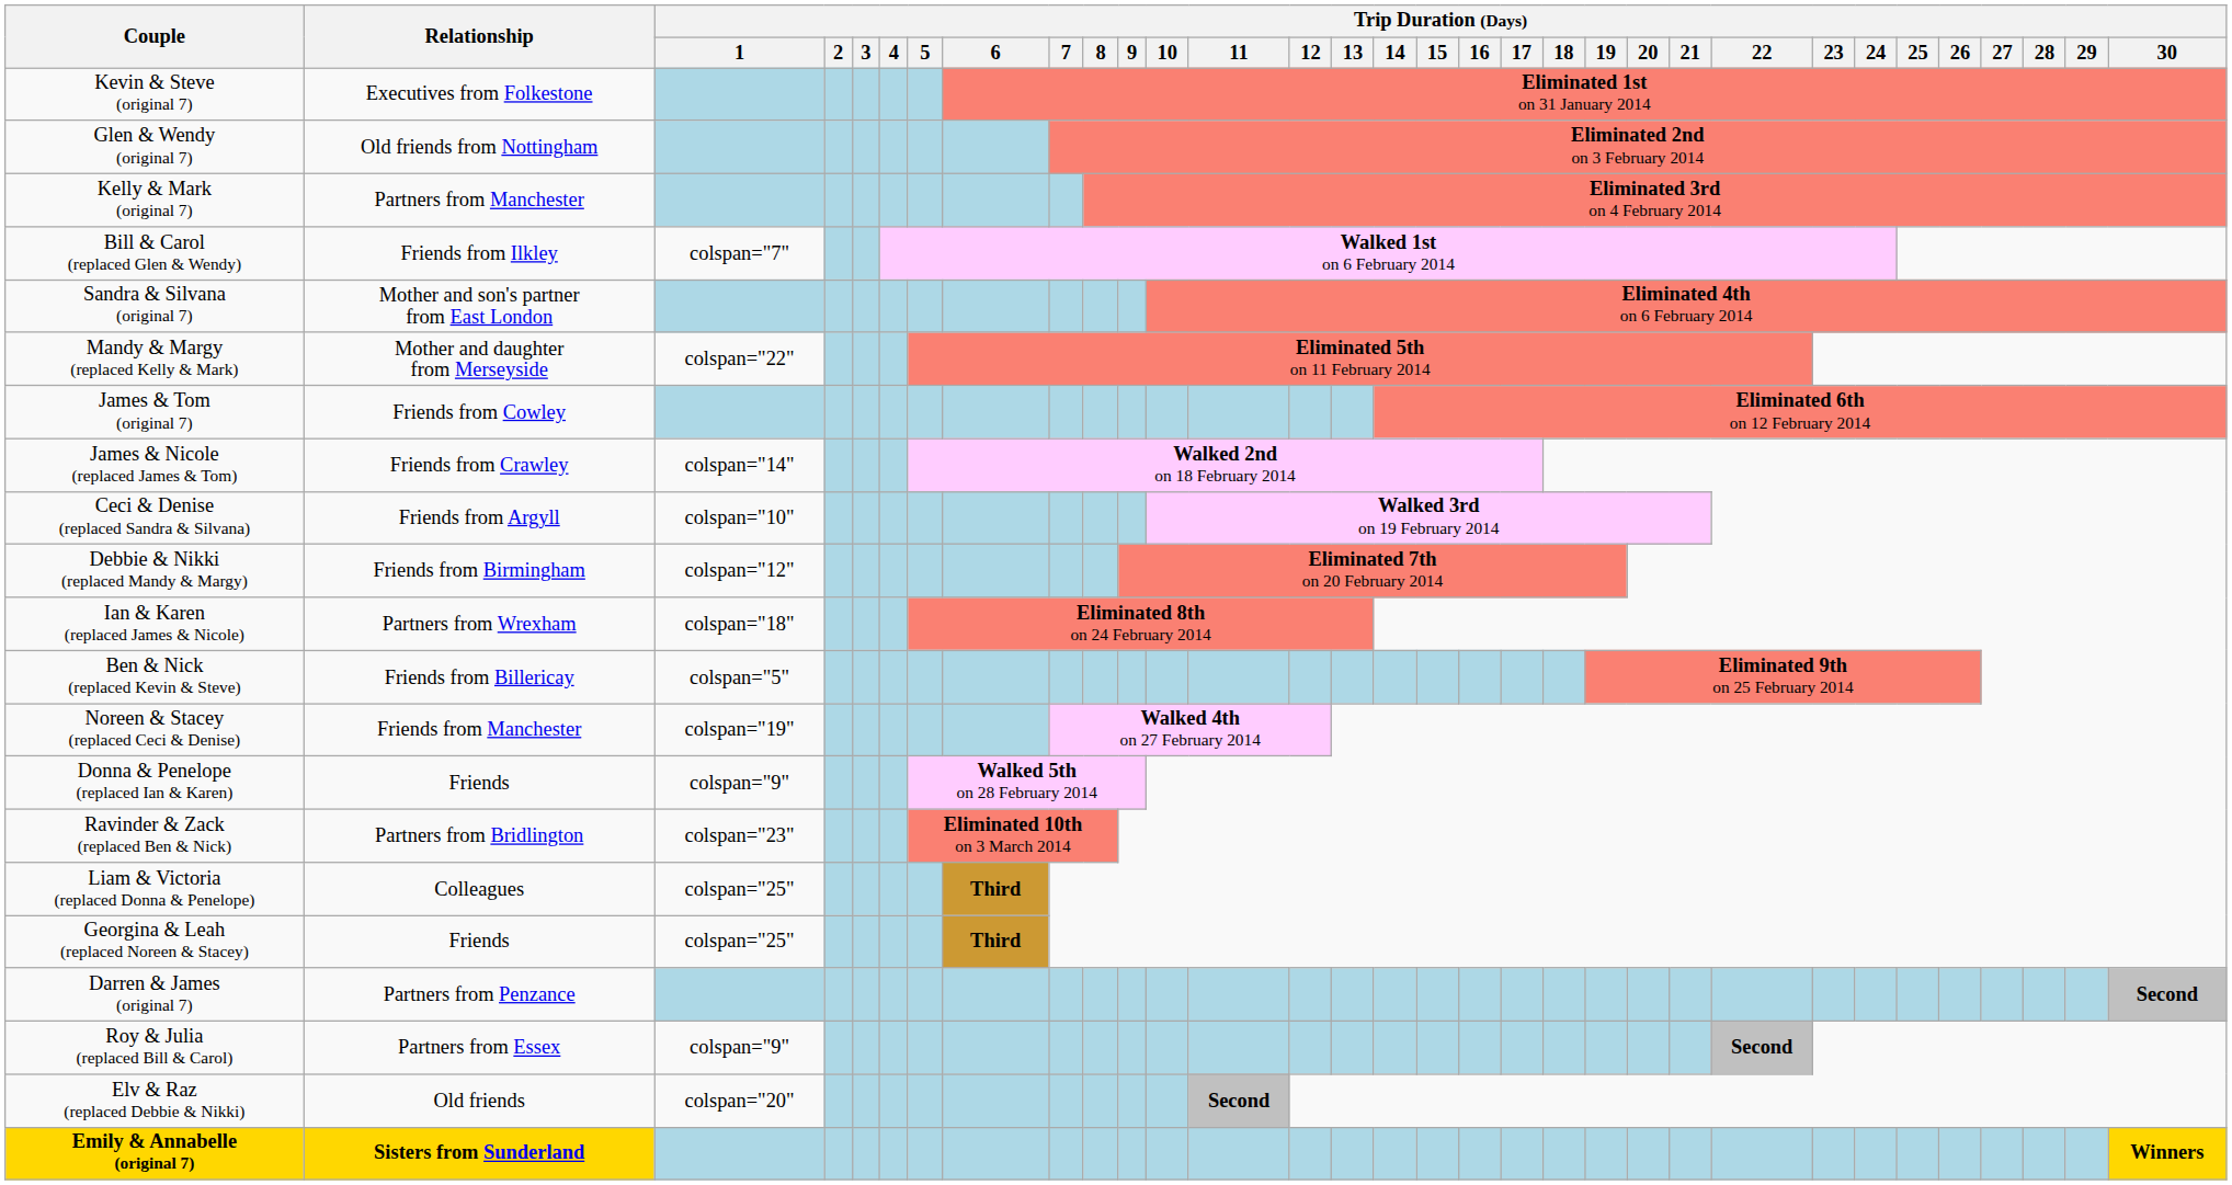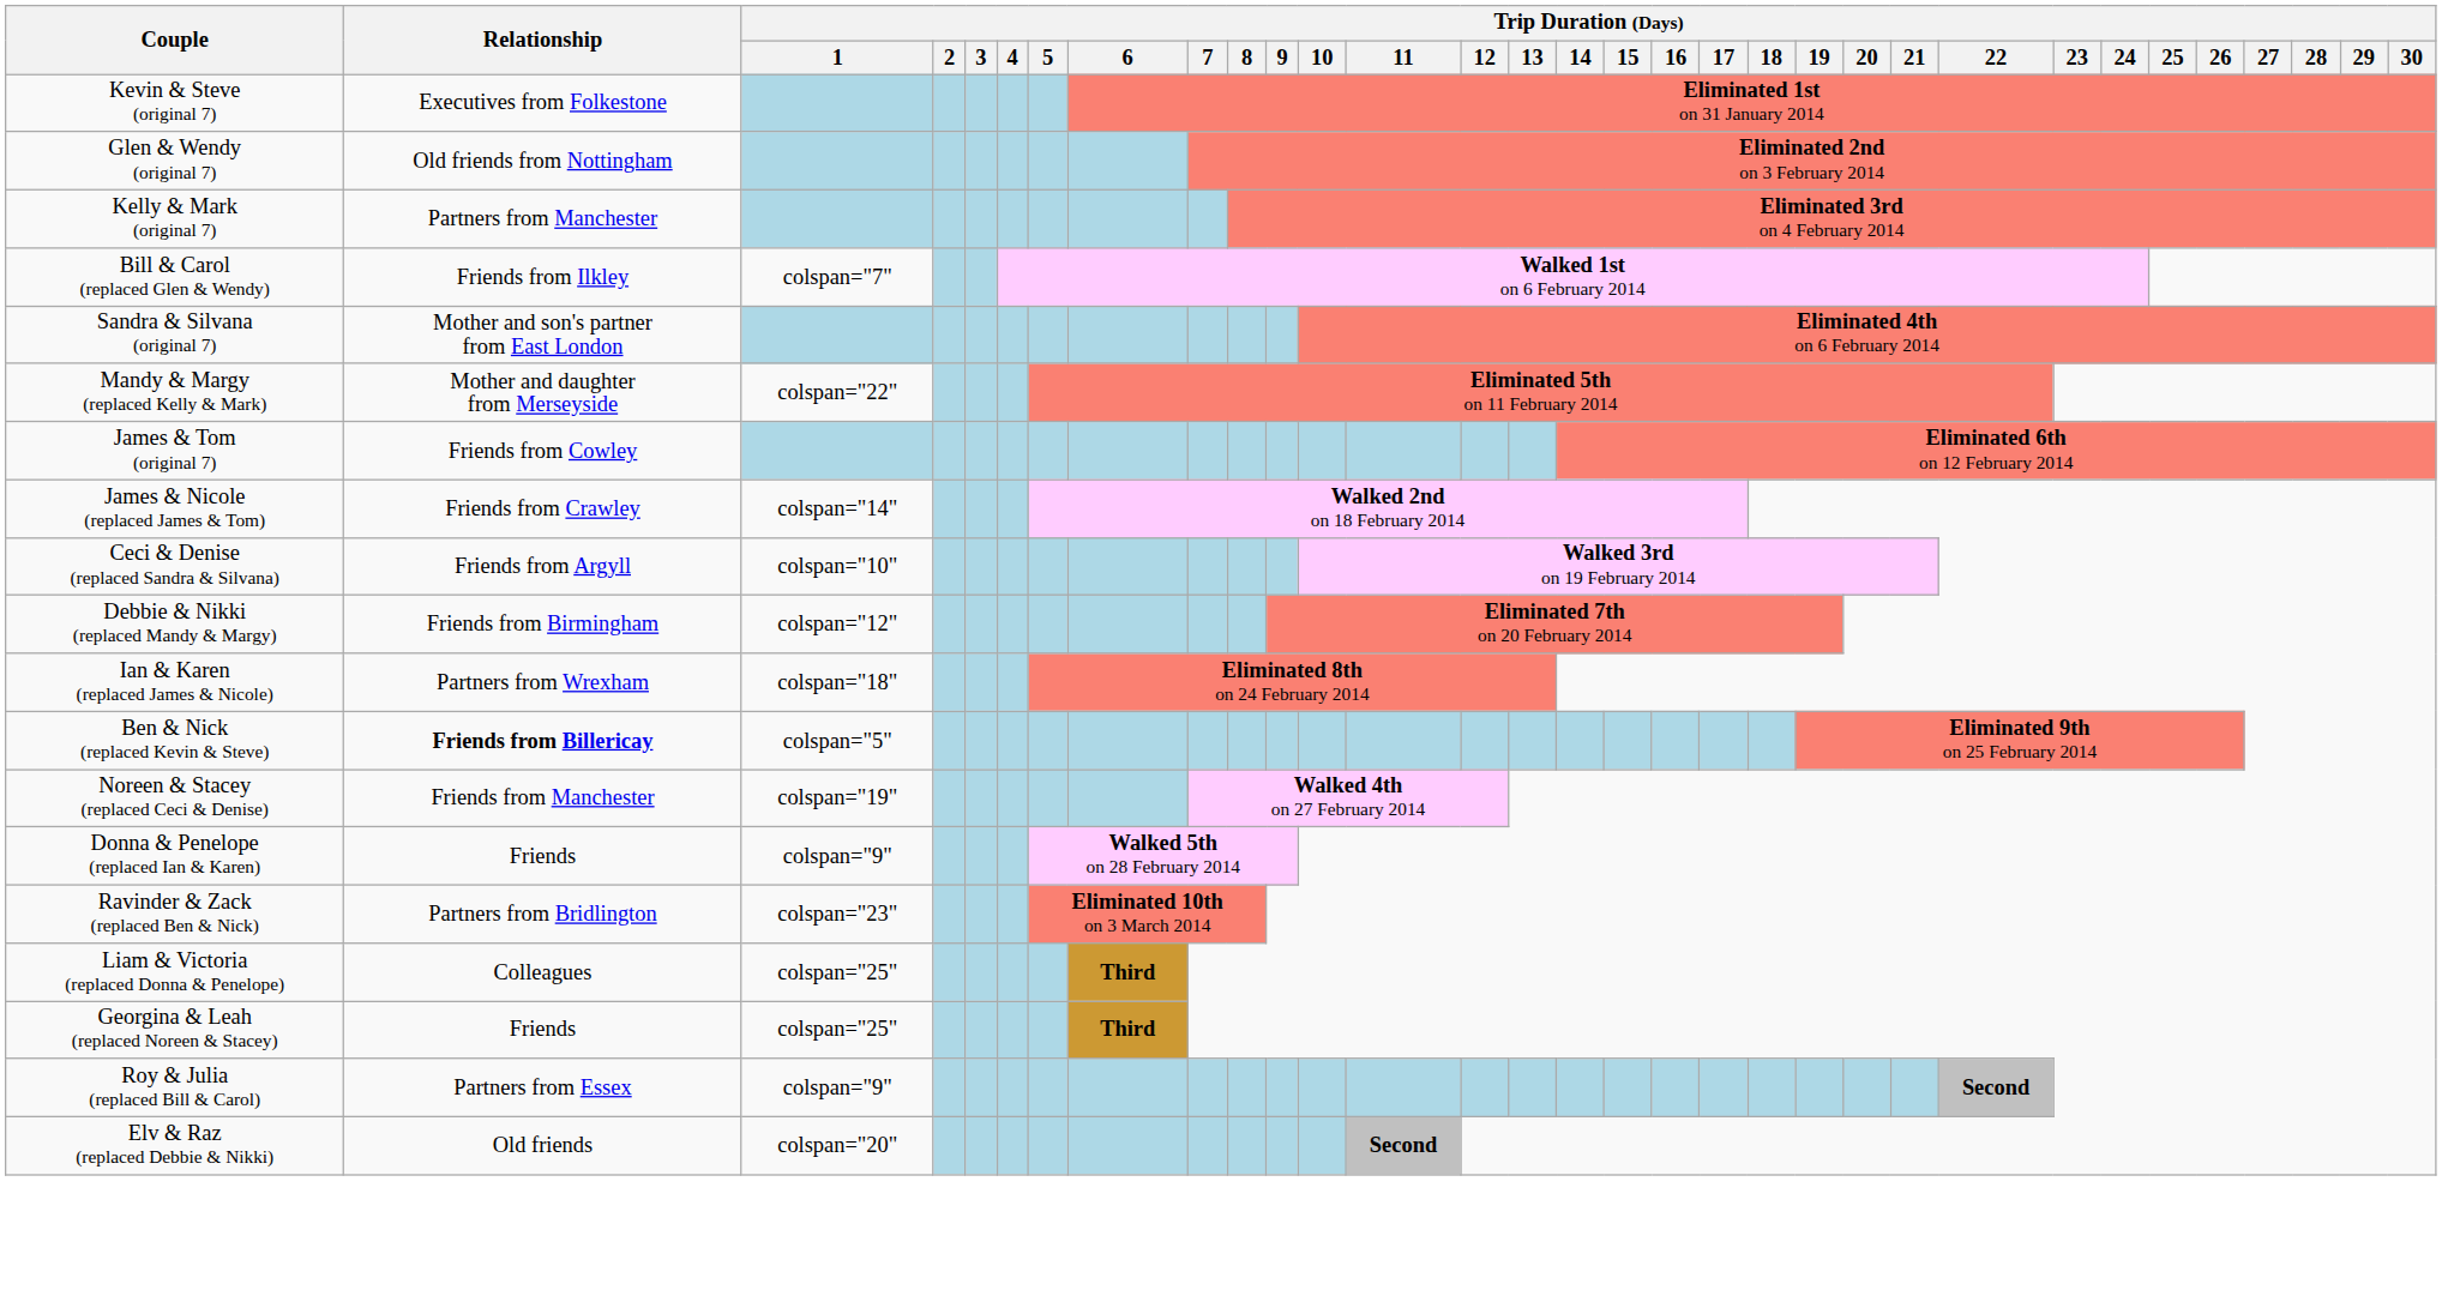 <table class="wikitable" style="text-align:center; width:100%; font-size:90%; line-height:15px;">
 <tr>
 <th rowspan="2">Couple</th>
 <th rowspan="2">Relationship</th>
 <th colspan="30">Trip Duration <small>(Days)</small></th>
 </tr>
 <tr>
 <th>1</th>
 <th>2</th>
 <th>3</th>
 <th>4</th>
 <th>5</th>
 <th>6</th>
 <th>7</th>
 <th>8</th>
 <th>9</th>
 <th>10</th>
 <th>11</th>
 <th>12</th>
 <th>13</th>
 <th>14</th>
 <th>15</th>
 <th>16</th>
 <th>17</th>
 <th>18</th>
 <th>19</th>
 <th>20</th>
 <th>21</th>
 <th>22</th>
 <th>23</th>
 <th>24</th>
 <th>25</th>
 <th>26</th>
 <th>27</th>
 <th>28</th>
 <th>29</th>
 <th>30</th>
 </tr>
 <tr>
 <td>Kevin & Steve<br><small>(original 7)</small></td>
 <td>Executives from <a href='#'>Folkestone</a></td>
 <td style="background:lightblue;"></td>
 <td style="background:lightblue;"></td>
 <td style="background:lightblue;"></td>
 <td style="background:lightblue;"></td>
 <td style="background:lightblue;"></td>
 <td colspan="25" style="background:salmon;"><strong>Eliminated 1st</strong><br><small>on 31 January 2014</small></td>
 </tr>
 <tr>
 <td>Glen & Wendy<br><small>(original 7)</small></td>
 <td>Old friends from <a href='#'>Nottingham</a></td>
 <td style="background:lightblue;"></td>
 <td style="background:lightblue;"></td>
 <td style="background:lightblue;"></td>
 <td style="background:lightblue;"></td>
 <td style="background:lightblue;"></td>
 <td style="background:lightblue;"></td>
 <td colspan="24" style="background:salmon;"><strong>Eliminated 2nd</strong><br><small>on 3 February 2014</small></td>
 </tr>
 <tr>
 <td>Kelly & Mark<br><small>(original 7)</small></td>
 <td>Partners from <a href='#'>Manchester</a></td>
 <td style="background:lightblue;"></td>
 <td style="background:lightblue;"></td>
 <td style="background:lightblue;"></td>
 <td style="background:lightblue;"></td>
 <td style="background:lightblue;"></td>
 <td style="background:lightblue;"></td>
 <td style="background:lightblue;"></td>
 <td colspan="23" style="background:salmon;"><strong>Eliminated 3rd</strong><br><small>on 4 February 2014</small></td>
 </tr>
 <tr>
 <td>Bill & Carol<br><small>(replaced Glen & Wendy)</small></td>
 <td>Friends from <a href='#'>Ilkley</a></td>
 <td>colspan="7" </td>
 <td style="background:lightblue;"></td>
 <td style="background:lightblue;"></td>
 <td colspan="21" style="background:#ffccff;"><strong>Walked 1st</strong><br><small>on 6 February 2014</small></td>
 </tr>
 <tr>
 <td>Sandra & Silvana<br><small>(original 7)</small></td>
 <td>Mother and son's partner<br>from <a href='#'>East London</a></td>
 <td style="background:lightblue;"></td>
 <td style="background:lightblue;"></td>
 <td style="background:lightblue;"></td>
 <td style="background:lightblue;"></td>
 <td style="background:lightblue;"></td>
 <td style="background:lightblue;"></td>
 <td style="background:lightblue;"></td>
 <td style="background:lightblue;"></td>
 <td style="background:lightblue;"></td>
 <td colspan="21" style="background:salmon;"><strong>Eliminated 4th</strong><br><small>on 6 February 2014</small></td>
 </tr>
 <tr>
 <td>Mandy & Margy<br><small>(replaced Kelly & Mark)</small></td>
 <td>Mother and daughter<br>from <a href='#'>Merseyside</a></td>
 <td>colspan="22" </td>
 <td style="background:lightblue;"></td>
 <td style="background:lightblue;"></td>
 <td style="background:lightblue;"></td>
 <td colspan="18" style="background:salmon;"><strong>Eliminated 5th</strong><br><small>on 11 February 2014</small></td>
 </tr>
 <tr>
 <td>James & Tom<br><small>(original 7)</small></td>
 <td>Friends from <a href='#'>Cowley</a></td>
 <td style="background:lightblue;"></td>
 <td style="background:lightblue;"></td>
 <td style="background:lightblue;"></td>
 <td style="background:lightblue;"></td>
 <td style="background:lightblue;"></td>
 <td style="background:lightblue;"></td>
 <td style="background:lightblue;"></td>
 <td style="background:lightblue;"></td>
 <td style="background:lightblue;"></td>
 <td style="background:lightblue;"></td>
 <td style="background:lightblue;"></td>
 <td style="background:lightblue;"></td>
 <td style="background:lightblue;"></td>
 <td colspan="17" style="background:salmon;"><strong>Eliminated 6th</strong><br><small>on 12 February 2014</small></td>
 </tr>
 <tr>
 <td>James & Nicole<br><small>(replaced James & Tom)</small></td>
 <td>Friends from <a href='#'>Crawley</a></td>
 <td>colspan="14" </td>
 <td style="background:lightblue;"></td>
 <td style="background:lightblue;"></td>
 <td style="background:lightblue;"></td>
 <td colspan="13" style="background:#ffccff;"><strong>Walked 2nd</strong><br><small>on 18 February 2014</small></td>
 </tr>
 <tr>
 <td>Ceci & Denise<br><small>(replaced Sandra & Silvana)</small></td>
 <td>Friends from <a href='#'>Argyll</a></td>
 <td>colspan="10" </td>
 <td style="background:lightblue;"></td>
 <td style="background:lightblue;"></td>
 <td style="background:lightblue;"></td>
 <td style="background:lightblue;"></td>
 <td style="background:lightblue;"></td>
 <td style="background:lightblue;"></td>
 <td style="background:lightblue;"></td>
 <td style="background:lightblue;"></td>
 <td colspan="12" style="background:#ffccff;"><strong>Walked 3rd</strong><br><small>on 19 February 2014</small></td>
 </tr>
 <tr>
 <td>Debbie & Nikki<br><small>(replaced Mandy & Margy)</small></td>
 <td>Friends from <a href='#'>Birmingham</a></td>
 <td>colspan="12" </td>
 <td style="background:lightblue;"></td>
 <td style="background:lightblue;"></td>
 <td style="background:lightblue;"></td>
 <td style="background:lightblue;"></td>
 <td style="background:lightblue;"></td>
 <td style="background:lightblue;"></td>
 <td style="background:lightblue;"></td>
 <td colspan="11" style="background:salmon;"><strong>Eliminated 7th</strong><br><small>on 20 February 2014</small></td>
 </tr>
 <tr>
 <td>Ian & Karen<br><small>(replaced James & Nicole)</small></td>
 <td>Partners from <a href='#'>Wrexham</a></td>
 <td>colspan="18" </td>
 <td style="background:lightblue;"></td>
 <td style="background:lightblue;"></td>
 <td style="background:lightblue;"></td>
 <td colspan="9" style="background:salmon;"><strong>Eliminated 8th</strong><br><small>on 24 February 2014</small></td>
 </tr>
 <tr>
 <td>Ben & Nick<br><small>(replaced Kevin & Steve)</small></td>
-<td>Friends from <a href='#'>Billericay</a></td>
+<td><strong>Friends from <a href='#'>Billericay</a></strong></td>
 <td>colspan="5" </td>
 <td style="background:lightblue;"></td>
 <td style="background:lightblue;"></td>
 <td style="background:lightblue;"></td>
 <td style="background:lightblue;"></td>
 <td style="background:lightblue;"></td>
 <td style="background:lightblue;"></td>
 <td style="background:lightblue;"></td>
 <td style="background:lightblue;"></td>
 <td style="background:lightblue;"></td>
 <td style="background:lightblue;"></td>
 <td style="background:lightblue;"></td>
 <td style="background:lightblue;"></td>
 <td style="background:lightblue;"></td>
 <td style="background:lightblue;"></td>
 <td style="background:lightblue;"></td>
 <td style="background:lightblue;"></td>
 <td style="background:lightblue;"></td>
 <td colspan="8" style="background:salmon;"><strong>Eliminated 9th</strong><br><small>on 25 February 2014</small></td>
 </tr>
 <tr>
 <td>Noreen & Stacey<br><small>(replaced Ceci & Denise)</small></td>
 <td>Friends from <a href='#'>Manchester</a></td>
 <td>colspan="19" </td>
 <td style="background:lightblue;"></td>
 <td style="background:lightblue;"></td>
 <td style="background:lightblue;"></td>
 <td style="background:lightblue;"></td>
 <td style="background:lightblue;"></td>
 <td colspan="6" style="background:#ffccff;"><strong>Walked 4th</strong><br><small>on 27 February 2014</small></td>
 </tr>
 <tr>
 <td>Donna & Penelope<br><small>(replaced Ian & Karen)</small></td>
 <td>Friends</td>
 <td>colspan="9" </td>
 <td style="background:lightblue;"></td>
 <td style="background:lightblue;"></td>
 <td style="background:lightblue;"></td>
 <td colspan="5" style="background:#ffccff;"><strong>Walked 5th</strong><br><small>on 28 February 2014</small></td>
 </tr>
 <tr>
 <td>Ravinder & Zack<br><small>(replaced Ben & Nick)</small></td>
 <td>Partners from <a href='#'>Bridlington</a></td>
 <td>colspan="23" </td>
 <td style="background:lightblue;"></td>
 <td style="background:lightblue;"></td>
 <td style="background:lightblue;"></td>
 <td colspan="4" style="background:salmon;"><strong>Eliminated 10th</strong><br><small>on 3 March 2014</small></td>
 </tr>
 <tr>
 <td>Liam & Victoria<br><small>(replaced Donna & Penelope)</small></td>
 <td>Colleagues</td>
 <td>colspan="25" </td>
 <td style="background:lightblue;"></td>
 <td style="background:lightblue;"></td>
 <td style="background:lightblue;"></td>
 <td style="background:lightblue;"></td>
 <td style="background:#cc9933;"><strong>Third</strong></td>
 </tr>
 <tr>
 <td>Georgina & Leah<br><small>(replaced Noreen & Stacey)</small></td>
 <td>Friends</td>
 <td>colspan="25" </td>
 <td style="background:lightblue;"></td>
 <td style="background:lightblue;"></td>
 <td style="background:lightblue;"></td>
 <td style="background:lightblue;"></td>
 <td style="background:#cc9933;"><strong>Third</strong></td>
 </tr>
 <tr>
-<td>Darren & James<br><small>(original 7)</small></td>
-<td>Partners from <a href='#'>Penzance</a></td>
-<td style="background:lightblue;"></td>
-<td style="background:lightblue;"></td>
-<td style="background:lightblue;"></td>
-<td style="background:lightblue;"></td>
-<td style="background:lightblue;"></td>
-<td style="background:lightblue;"></td>
-<td style="background:lightblue;"></td>
-<td style="background:lightblue;"></td>
-<td style="background:lightblue;"></td>
-<td style="background:lightblue;"></td>
-<td style="background:lightblue;"></td>
-<td style="background:lightblue;"></td>
-<td style="background:lightblue;"></td>
-<td style="background:lightblue;"></td>
-<td style="background:lightblue;"></td>
-<td style="background:lightblue;"></td>
-<td style="background:lightblue;"></td>
-<td style="background:lightblue;"></td>
-<td style="background:lightblue;"></td>
-<td style="background:lightblue;"></td>
-<td style="background:lightblue;"></td>
-<td style="background:lightblue;"></td>
-<td style="background:lightblue;"></td>
-<td style="background:lightblue;"></td>
-<td style="background:lightblue;"></td>
-<td style="background:lightblue;"></td>
-<td style="background:lightblue;"></td>
-<td style="background:lightblue;"></td>
-<td style="background:lightblue;"></td>
-<td style="background:silver;"><strong>Second</strong></td>
-</tr>
-<tr>
 <td>Roy & Julia<br><small>(replaced Bill & Carol)</small></td>
 <td>Partners from <a href='#'>Essex</a></td>
 <td>colspan="9" </td>
 <td style="background:lightblue;"></td>
 <td style="background:lightblue;"></td>
 <td style="background:lightblue;"></td>
 <td style="background:lightblue;"></td>
 <td style="background:lightblue;"></td>
 <td style="background:lightblue;"></td>
 <td style="background:lightblue;"></td>
 <td style="background:lightblue;"></td>
 <td style="background:lightblue;"></td>
 <td style="background:lightblue;"></td>
 <td style="background:lightblue;"></td>
 <td style="background:lightblue;"></td>
 <td style="background:lightblue;"></td>
 <td style="background:lightblue;"></td>
 <td style="background:lightblue;"></td>
 <td style="background:lightblue;"></td>
 <td style="background:lightblue;"></td>
 <td style="background:lightblue;"></td>
 <td style="background:lightblue;"></td>
 <td style="background:lightblue;"></td>
 <td style="background:silver;"><strong>Second</strong></td>
 </tr>
 <tr>
 <td>Elv & Raz<br><small>(replaced Debbie & Nikki)</small></td>
 <td>Old friends</td>
 <td>colspan="20" </td>
 <td style="background:lightblue;"></td>
 <td style="background:lightblue;"></td>
 <td style="background:lightblue;"></td>
 <td style="background:lightblue;"></td>
 <td style="background:lightblue;"></td>
 <td style="background:lightblue;"></td>
 <td style="background:lightblue;"></td>
 <td style="background:lightblue;"></td>
 <td style="background:lightblue;"></td>
 <td style="background:silver;"><strong>Second</strong></td>
 </tr>
-<tr>
-<td style="background:gold;"><strong>Emily & Annabelle</strong><br><small><strong>(original 7)</strong></small></td>
-<td style="background:gold;"><strong>Sisters from <a href='#'>Sunderland</a></strong></td>
-<td style="background:lightblue;"></td>
-<td style="background:lightblue;"></td>
-<td style="background:lightblue;"></td>
-<td style="background:lightblue;"></td>
-<td style="background:lightblue;"></td>
-<td style="background:lightblue;"></td>
-<td style="background:lightblue;"></td>
-<td style="background:lightblue;"></td>
-<td style="background:lightblue;"></td>
-<td style="background:lightblue;"></td>
-<td style="background:lightblue;"></td>
-<td style="background:lightblue;"></td>
-<td style="background:lightblue;"></td>
-<td style="background:lightblue;"></td>
-<td style="background:lightblue;"></td>
-<td style="background:lightblue;"></td>
-<td style="background:lightblue;"></td>
-<td style="background:lightblue;"></td>
-<td style="background:lightblue;"></td>
-<td style="background:lightblue;"></td>
-<td style="background:lightblue;"></td>
-<td style="background:lightblue;"></td>
-<td style="background:lightblue;"></td>
-<td style="background:lightblue;"></td>
-<td style="background:lightblue;"></td>
-<td style="background:lightblue;"></td>
-<td style="background:lightblue;"></td>
-<td style="background:lightblue;"></td>
-<td style="background:lightblue;"></td>
-<td style="background:gold;"><strong>Winners</strong></td>
-</tr>
 </table>
